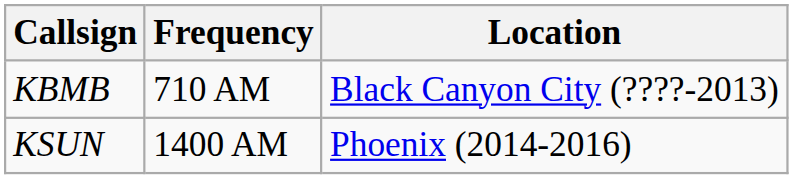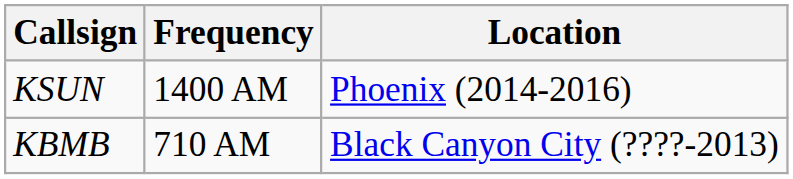 <table class="wikitable">
 <tr>
 <th>Callsign</th>
 <th>Frequency</th>
 <th>Location</th>
 </tr>
 <tr>
+<td><em>KSUN</em></td>
+<td>1400 AM</td>
+<td><a href='#'>Phoenix</a> (2014-2016)</td>
+</tr>
+<tr>
 <td><em>KBMB</em></td>
 <td>710 AM</td>
 <td><a href='#'>Black Canyon City</a> (????-2013)</td>
 </tr>
-<tr>
-<td><em>KSUN</em></td>
-<td>1400 AM</td>
-<td><a href='#'>Phoenix</a> (2014-2016)</td>
-</tr>
 </table>
